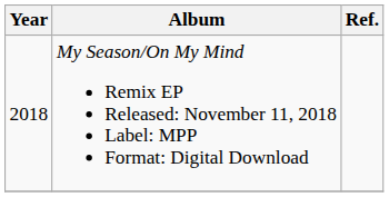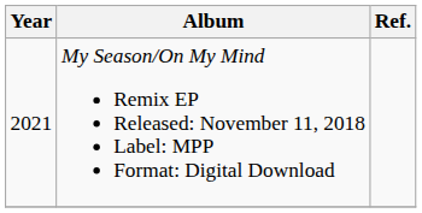 <table class="wikitable" style="text-align: center">
 <tr>
 <th>Year</th>
 <th>Album</th>
 <th>Ref.</th>
 </tr>
 <tr>
-<td>2018</td>
+<td>2021</td>
 <td align="left"><em>My Season/On My Mind</em><br><ul><li>Remix EP</li><li>Released: November 11, 2018</li><li>Label: MPP</li><li>Format: Digital Download</li></ul></td>
 <td></td>
 </tr>
 <tr>
 </tr>
 </table>
